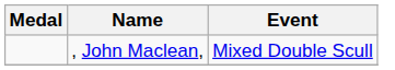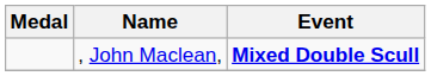 <table class="wikitable sortable" style="font-size:90%">
 <tr>
 <th>Medal</th>
 <th>Name</th>
 <th>Event</th>
 </tr>
 <tr>
 <td></td>
 <td>, <a href='#'>John Maclean</a>,</td>
-<td><a href='#'>Mixed Double Scull</a></td>
+<td><strong><a href='#'>Mixed Double Scull</a></strong></td>
 </tr>
 <tr>
 </tr>
 </table>
